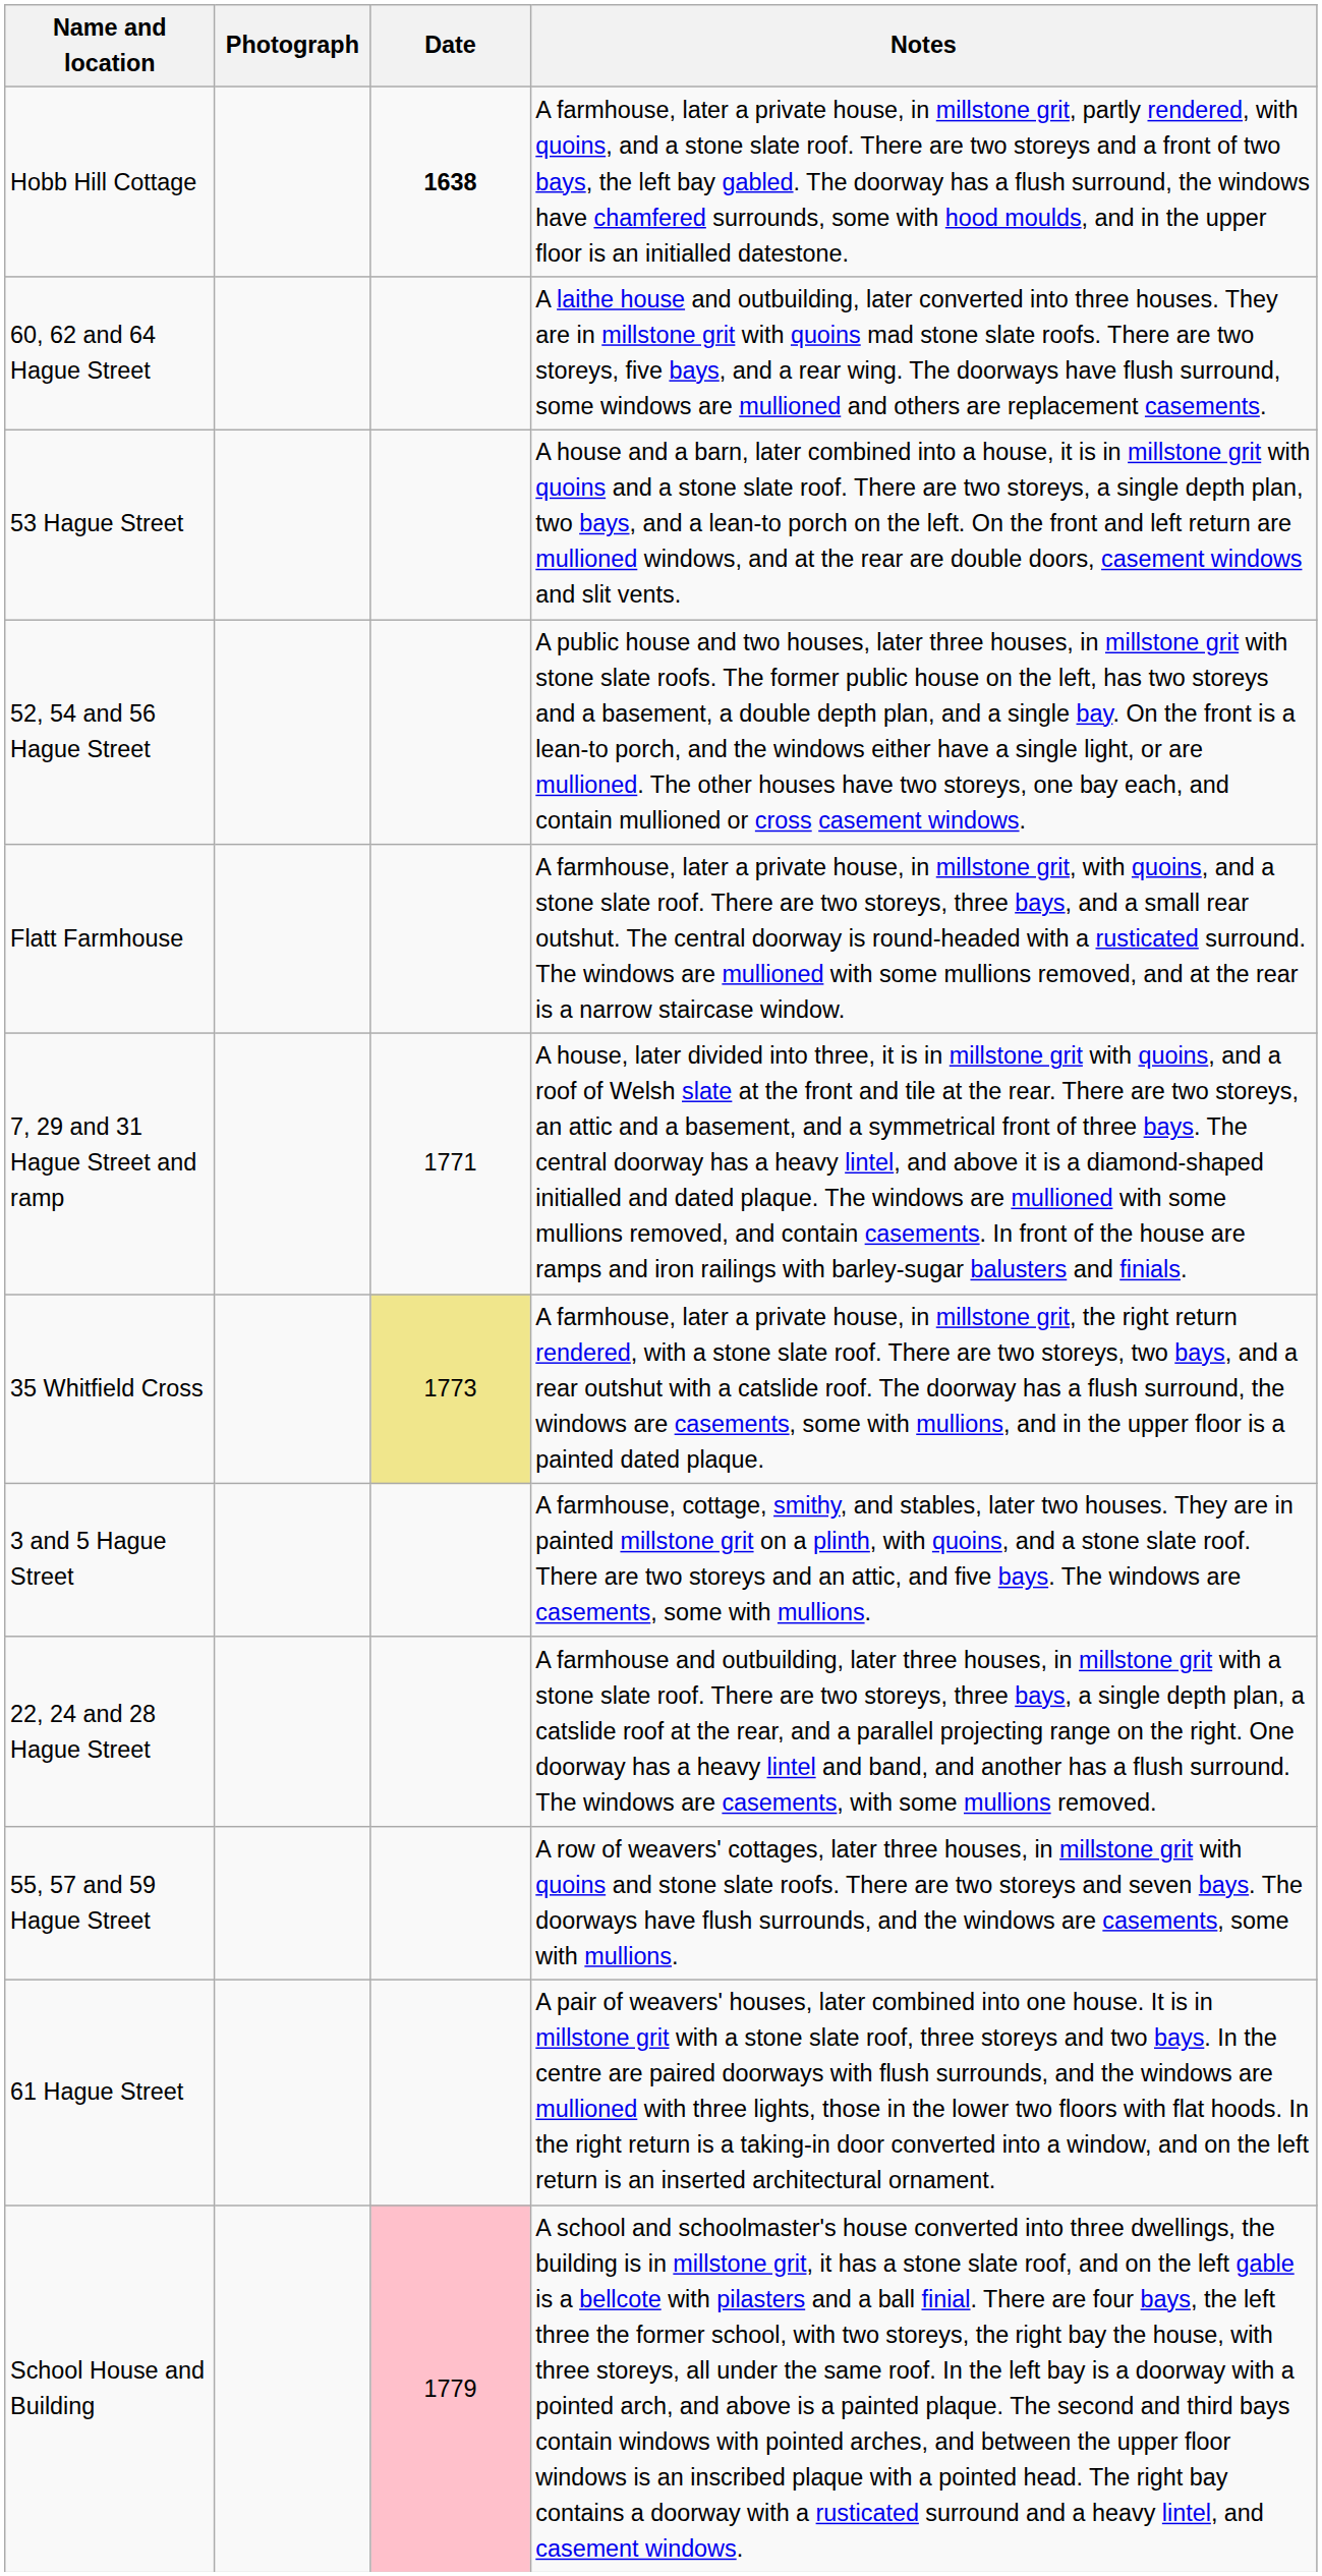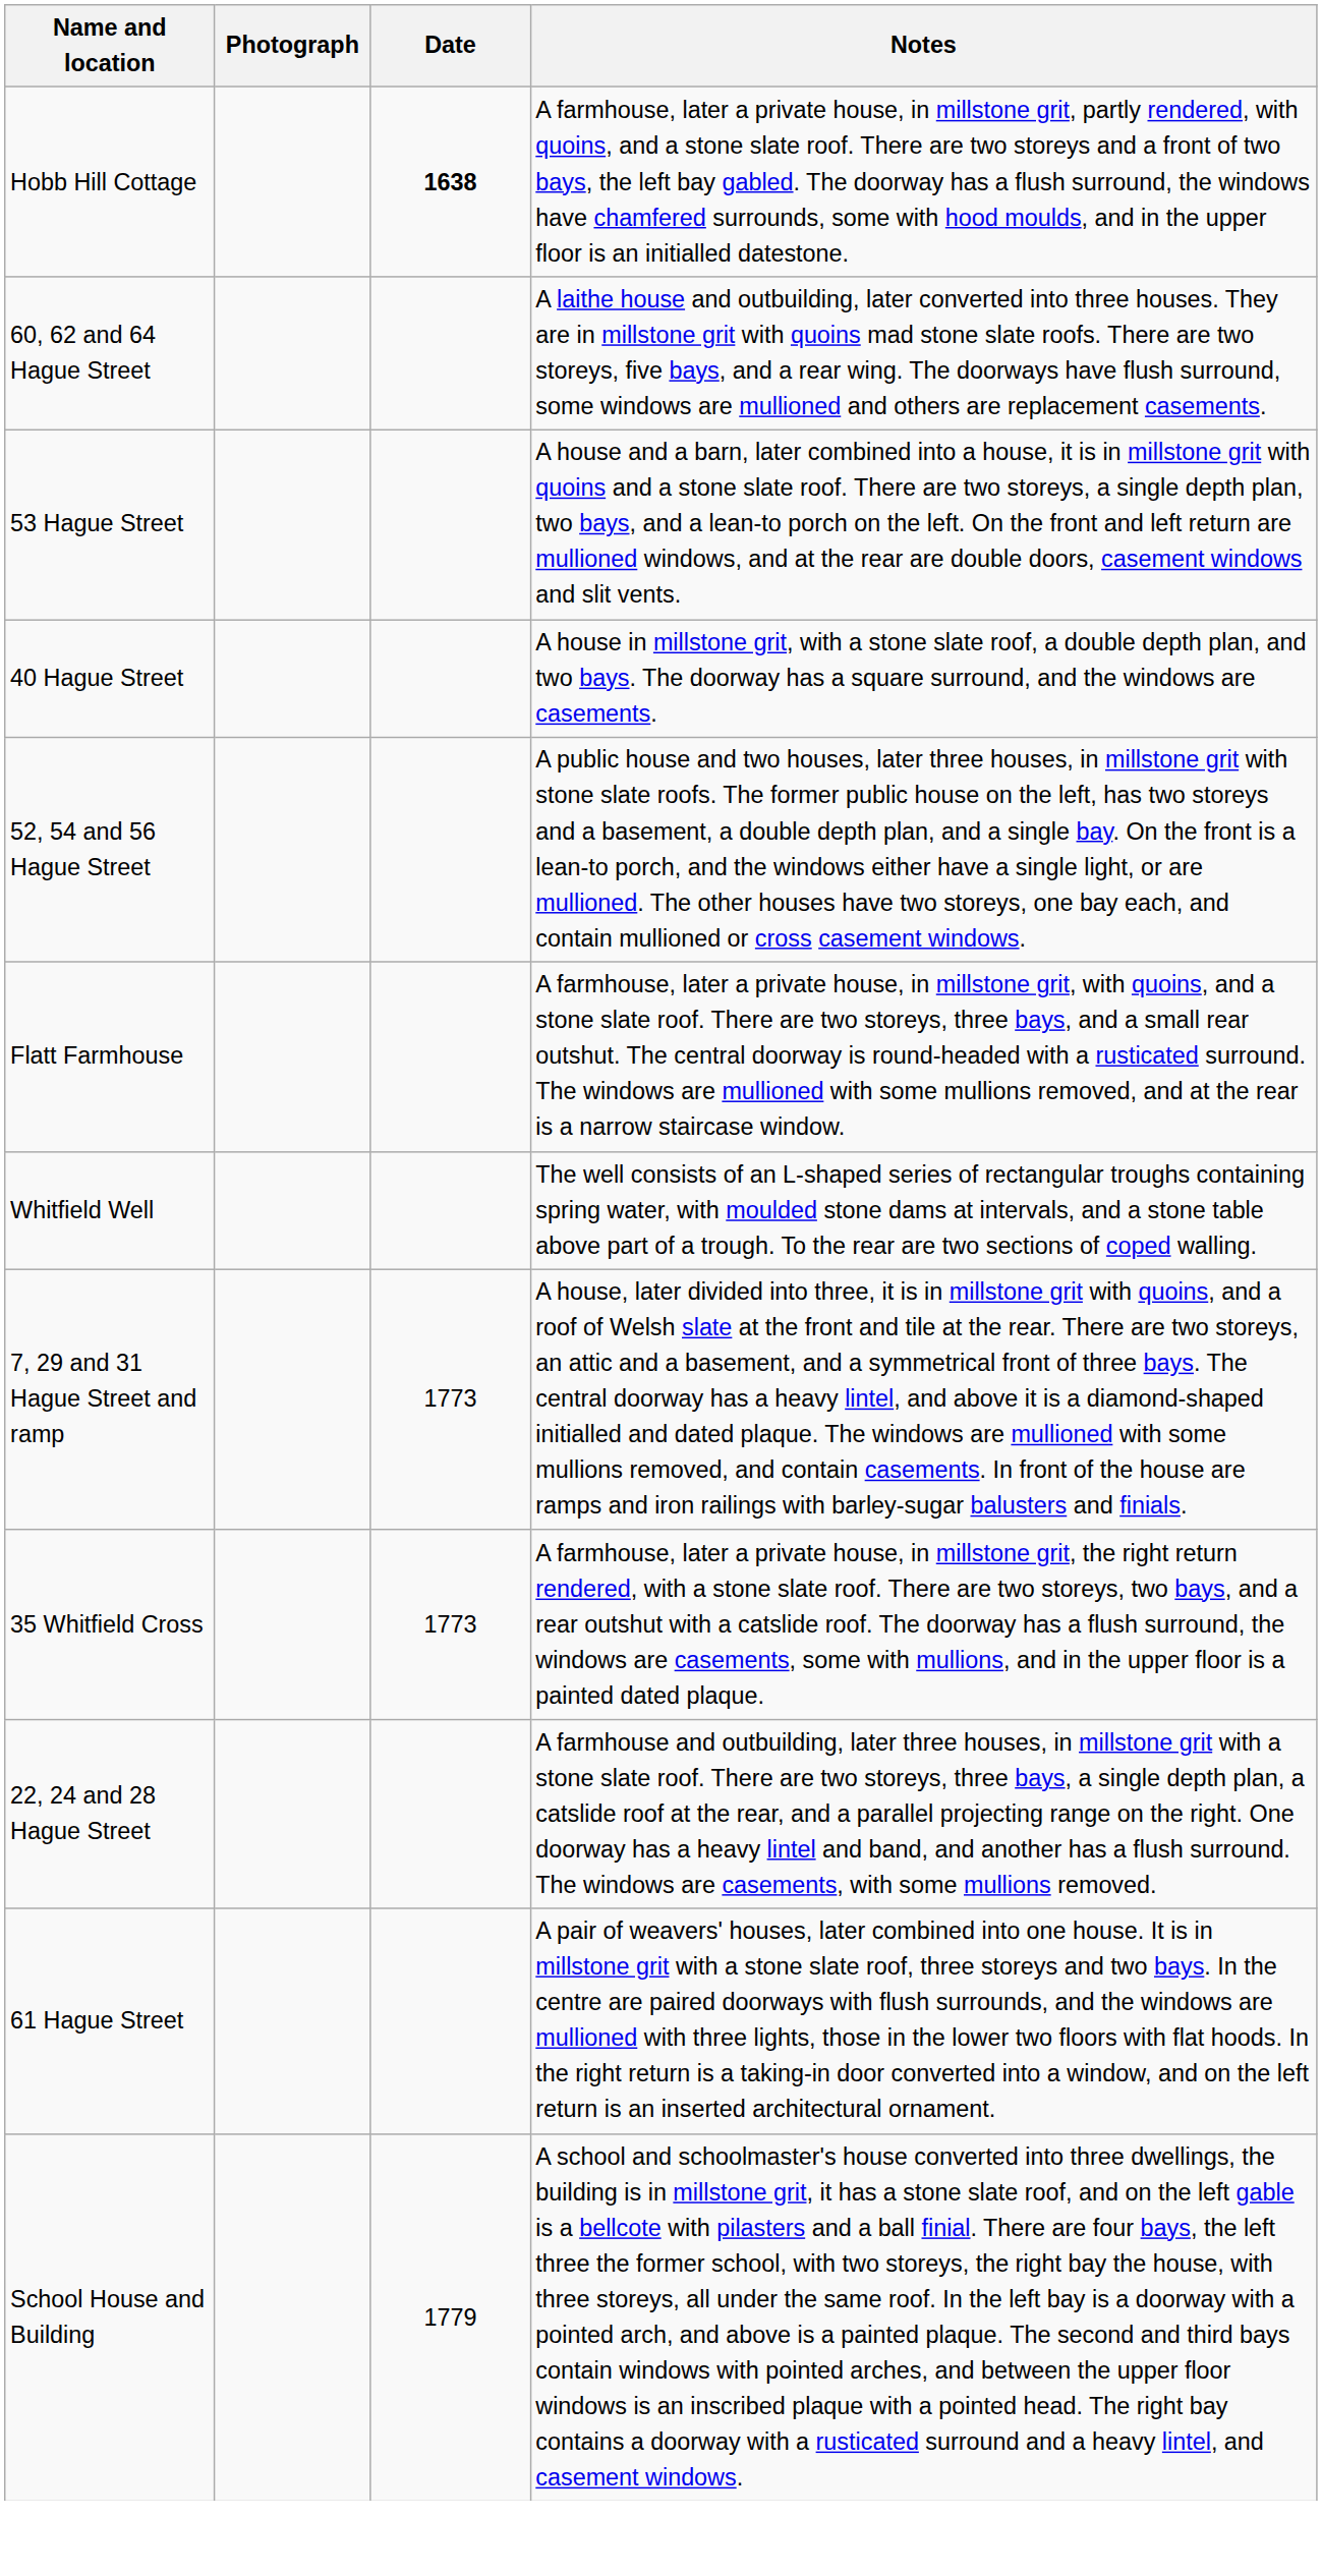 <table class="wikitable sortable plainrowheaders" style="width:100%;border:0px;text-align:left;line-height:150%;">
 <tr>
 <th scope="col" style="width:150px">Name and location</th>
 <th scope="col" style="width:100px" class="unsortable">Photograph</th>
 <th scope="col" style="width:120px">Date</th>
 <th scope="col" style="width:650px" class="unsortable">Notes</th>
 </tr>
 <tr>
 <td>Hobb Hill Cottage<br><small></small></td>
 <td></td>
 <td align="center"><strong>1638</strong></td>
 <td>A farmhouse, later a private house, in <a href='#'>millstone grit</a>, partly <a href='#'>rendered</a>, with <a href='#'>quoins</a>, and a stone slate roof. There are two storeys and a front of two <a href='#'>bays</a>, the left bay <a href='#'>gabled</a>. The doorway has a flush surround, the windows have <a href='#'>chamfered</a> surrounds, some with <a href='#'>hood moulds</a>, and in the upper floor is an initialled datestone.</td>
 </tr>
 <tr>
 <td>60, 62 and 64 Hague Street<br><small></small></td>
 <td></td>
 <td align="center"></td>
 <td>A <a href='#'>laithe house</a> and outbuilding, later converted into three houses. They are in <a href='#'>millstone grit</a> with <a href='#'>quoins</a> mad stone slate roofs. There are two storeys, five <a href='#'>bays</a>, and a rear wing. The doorways have flush surround, some windows are <a href='#'>mullioned</a> and others are replacement <a href='#'>casements</a>.</td>
 </tr>
 <tr>
 <td>53 Hague Street<br><small></small></td>
 <td></td>
 <td align="center"></td>
 <td>A house and a barn, later combined into a house, it is in <a href='#'>millstone grit</a> with <a href='#'>quoins</a> and a stone slate roof. There are two storeys, a single depth plan, two <a href='#'>bays</a>, and a lean-to porch on the left. On the front and left return are <a href='#'>mullioned</a> windows, and at the rear are double doors, <a href='#'>casement windows</a> and slit vents.</td>
 </tr>
 <tr>
+<td>40 Hague Street<br><small></small></td>
+<td></td>
+<td align="center"></td>
+<td>A house in <a href='#'>millstone grit</a>, with a stone slate roof, a double depth plan, and two <a href='#'>bays</a>. The doorway has a square surround, and the windows are <a href='#'>casements</a>.</td>
+</tr>
+<tr>
 <td>52, 54 and 56 Hague Street<br><small></small></td>
 <td></td>
 <td align="center"></td>
 <td>A public house and two houses, later three houses, in <a href='#'>millstone grit</a> with stone slate roofs. The former public house on the left, has two storeys and a basement, a double depth plan, and a single <a href='#'>bay</a>. On the front is a lean-to porch, and the windows either have a single light, or are <a href='#'>mullioned</a>. The other houses have two storeys, one bay each, and contain mullioned or <a href='#'>cross</a> <a href='#'>casement windows</a>.</td>
 </tr>
 <tr>
 <td>Flatt Farmhouse<br><small></small></td>
 <td></td>
 <td align="center"></td>
 <td>A farmhouse, later a private house, in <a href='#'>millstone grit</a>, with <a href='#'>quoins</a>, and a stone slate roof. There are two storeys, three <a href='#'>bays</a>, and a small rear outshut. The central doorway is round-headed with a <a href='#'>rusticated</a> surround. The windows are <a href='#'>mullioned</a> with some mullions removed, and at the rear is a narrow staircase window.</td>
 </tr>
 <tr>
+<td>Whitfield Well<br><small></small></td>
+<td></td>
+<td align="center"></td>
+<td>The well consists of an L-shaped series of rectangular troughs containing spring water, with <a href='#'>moulded</a> stone dams at intervals, and a stone table above part of a trough. To the rear are two sections of <a href='#'>coped</a> walling.</td>
+</tr>
+<tr>
 <td>7, 29 and 31 Hague Street and ramp<br><small></small></td>
 <td></td>
-<td align="center">1771</td>
+<td align="center">1773</td>
 <td>A house, later divided into three, it is in <a href='#'>millstone grit</a> with <a href='#'>quoins</a>, and a roof of Welsh <a href='#'>slate</a> at the front and tile at the rear. There are two storeys, an attic and a basement, and a symmetrical front of three <a href='#'>bays</a>. The central doorway has a heavy <a href='#'>lintel</a>, and above it is a diamond-shaped initialled and dated plaque. The windows are <a href='#'>mullioned</a> with some mullions removed, and contain <a href='#'>casements</a>. In front of the house are ramps and iron railings with barley-sugar <a href='#'>balusters</a> and <a href='#'>finials</a>.</td>
 </tr>
 <tr>
 <td>35 Whitfield Cross<br><small></small></td>
 <td></td>
-<td align="center" style="background: khaki;">1773</td>
+<td align="center">1773</td>
 <td>A farmhouse, later a private house, in <a href='#'>millstone grit</a>, the right return <a href='#'>rendered</a>, with a stone slate roof. There are two storeys, two <a href='#'>bays</a>, and a rear outshut with a catslide roof. The doorway has a flush surround, the windows are <a href='#'>casements</a>, some with <a href='#'>mullions</a>, and in the upper floor is a painted dated plaque.</td>
-</tr>
-<tr>
-<td>3 and 5 Hague Street<br><small></small></td>
-<td></td>
-<td align="center"></td>
-<td>A farmhouse, cottage, <a href='#'>smithy</a>, and stables, later two houses. They are in painted <a href='#'>millstone grit</a> on a <a href='#'>plinth</a>, with <a href='#'>quoins</a>, and a stone slate roof. There are two storeys and an attic, and five <a href='#'>bays</a>. The windows are <a href='#'>casements</a>, some with <a href='#'>mullions</a>.</td>
 </tr>
 <tr>
 <td>22, 24 and 28 Hague Street<br><small></small></td>
 <td></td>
 <td align="center"></td>
 <td>A farmhouse and outbuilding, later three houses, in <a href='#'>millstone grit</a> with a stone slate roof. There are two storeys, three <a href='#'>bays</a>, a single depth plan, a catslide roof at the rear, and a parallel projecting range on the right. One doorway has a heavy <a href='#'>lintel</a> and band, and another has a flush surround. The windows are <a href='#'>casements</a>, with some <a href='#'>mullions</a> removed.</td>
-</tr>
-<tr>
-<td>55, 57 and 59 Hague Street<br><small></small></td>
-<td></td>
-<td align="center"></td>
-<td>A row of weavers' cottages, later three houses, in <a href='#'>millstone grit</a> with <a href='#'>quoins</a> and stone slate roofs. There are two storeys and seven <a href='#'>bays</a>. The doorways have flush surrounds, and the windows are <a href='#'>casements</a>, some with <a href='#'>mullions</a>.</td>
 </tr>
 <tr>
 <td>61 Hague Street<br><small></small></td>
 <td></td>
 <td align="center"></td>
 <td>A pair of weavers' houses, later combined into one house. It is in <a href='#'>millstone grit</a> with a stone slate roof, three storeys and two <a href='#'>bays</a>. In the centre are paired doorways with flush surrounds, and the windows are <a href='#'>mullioned</a> with three lights, those in the lower two floors with flat hoods. In the right return is a taking-in door converted into a window, and on the left return is an inserted architectural ornament.</td>
 </tr>
 <tr>
 <td>School House and Building<br><small></small></td>
 <td></td>
-<td align="center" style="background: pink;">1779</td>
+<td align="center">1779</td>
 <td>A school and schoolmaster's house converted into three dwellings, the building is in <a href='#'>millstone grit</a>, it has a stone slate roof, and on the left <a href='#'>gable</a> is a <a href='#'>bellcote</a> with <a href='#'>pilasters</a> and a ball <a href='#'>finial</a>. There are four <a href='#'>bays</a>, the left three the former school, with two storeys, the right bay the house, with three storeys, all under the same roof. In the left bay is a doorway with a pointed arch, and above is a painted plaque. The second and third bays contain windows with pointed arches, and between the upper floor windows is an inscribed plaque with a pointed head. The right bay contains a doorway with a <a href='#'>rusticated</a> surround and a heavy <a href='#'>lintel</a>, and <a href='#'>casement windows</a>.</td>
 </tr>
 <tr>
 </tr>
 </table>
